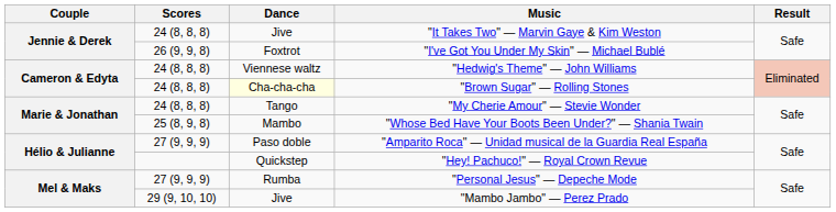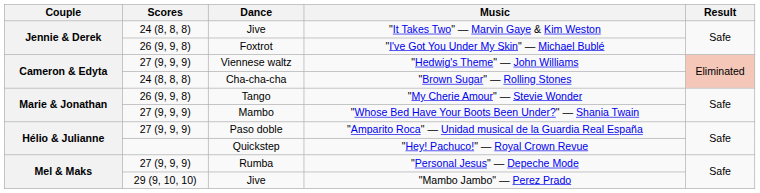 <table class="wikitable sortable" style="text-align:center; width:90%">
 <tr>
 <th scope="col">Couple</th>
 <th scope="col">Scores</th>
 <th scope="col" class="unsortable">Dance</th>
 <th scope="col" class="unsortable">Music</th>
 <th scope="col" class="unsortable">Result</th>
 </tr>
 <tr>
 <th scope="row" rowspan="2">Jennie & Derek</th>
 <td>24 (8, 8, 8)</td>
 <td>Jive</td>
 <td>"<a href='#'>It Takes Two</a>" — <a href='#'>Marvin Gaye</a> & <a href='#'>Kim Weston</a></td>
 <td rowspan="2">Safe</td>
 </tr>
 <tr>
 <td>26 (9, 9, 8)</td>
 <td>Foxtrot</td>
 <td>"<a href='#'>I've Got You Under My Skin</a>" — <a href='#'>Michael Bublé</a></td>
 </tr>
 <tr>
 <th scope="row" rowspan="2">Cameron & Edyta</th>
-<td>24 (8, 8, 8)</td>
+<td>27 (9, 9, 9)</td>
 <td>Viennese waltz</td>
 <td>"<a href='#'>Hedwig's Theme</a>" — <a href='#'>John Williams</a></td>
 <td rowspan="2" bgcolor=f4c7b8>Eliminated</td>
 </tr>
 <tr>
 <td>24 (8, 8, 8)</td>
-<td style="background: lightyellow;">Cha-cha-cha</td>
+<td>Cha-cha-cha</td>
 <td>"<a href='#'>Brown Sugar</a>" — <a href='#'>Rolling Stones</a></td>
 </tr>
 <tr>
 <th scope="row" rowspan="2">Marie & Jonathan</th>
-<td>24 (8, 8, 8)</td>
+<td>26 (9, 9, 8)</td>
 <td>Tango</td>
 <td>"<a href='#'>My Cherie Amour</a>" — <a href='#'>Stevie Wonder</a></td>
 <td rowspan="2">Safe</td>
 </tr>
 <tr>
-<td>25 (8, 9, 8)</td>
+<td>27 (9, 9, 9)</td>
 <td>Mambo</td>
 <td>"<a href='#'>Whose Bed Have Your Boots Been Under?</a>" — <a href='#'>Shania Twain</a></td>
 </tr>
 <tr>
 <th scope="row" rowspan="2">Hélio & Julianne</th>
 <td>27 (9, 9, 9)</td>
 <td>Paso doble</td>
 <td>"<a href='#'>Amparito Roca</a>" — <a href='#'>Unidad musical de la Guardia Real España</a></td>
 <td rowspan="2">Safe</td>
 </tr>
 <tr>
 <td></td>
 <td>Quickstep</td>
 <td>"<a href='#'>Hey! Pachuco!</a>" — <a href='#'>Royal Crown Revue</a></td>
 </tr>
 <tr>
 <th scope="row" rowspan="2">Mel & Maks</th>
 <td>27 (9, 9, 9)</td>
 <td>Rumba</td>
 <td>"<a href='#'>Personal Jesus</a>" — <a href='#'>Depeche Mode</a></td>
 <td rowspan="2">Safe</td>
 </tr>
 <tr>
 <td>29 (9, 10, 10)</td>
 <td>Jive</td>
 <td>"Mambo Jambo" — <a href='#'>Perez Prado</a></td>
 </tr>
 </table>
